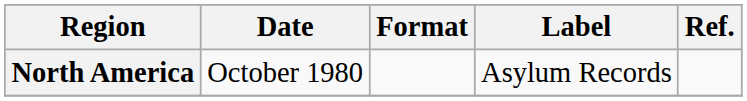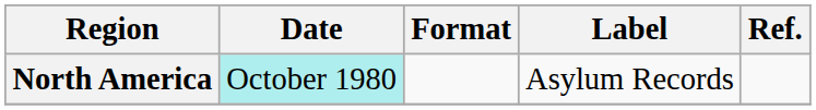 <table class="wikitable plainrowheaders">
 <tr>
 <th scope="col">Region</th>
 <th scope="col">Date</th>
 <th scope="col">Format</th>
 <th scope="col">Label</th>
 <th scope="col">Ref.</th>
 </tr>
 <tr>
 <th scope="row">North America</th>
-<td>October 1980</td>
+<td style="background: paleturquoise;">October 1980</td>
 <td></td>
 <td>Asylum Records</td>
 <td></td>
 </tr>
 <tr>
 </tr>
 </table>
